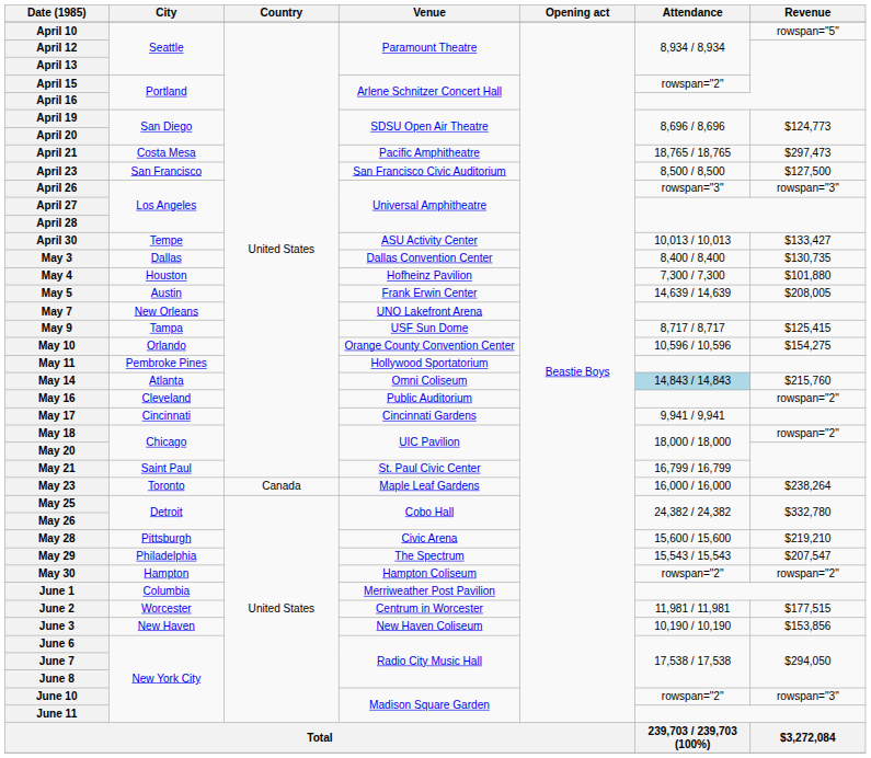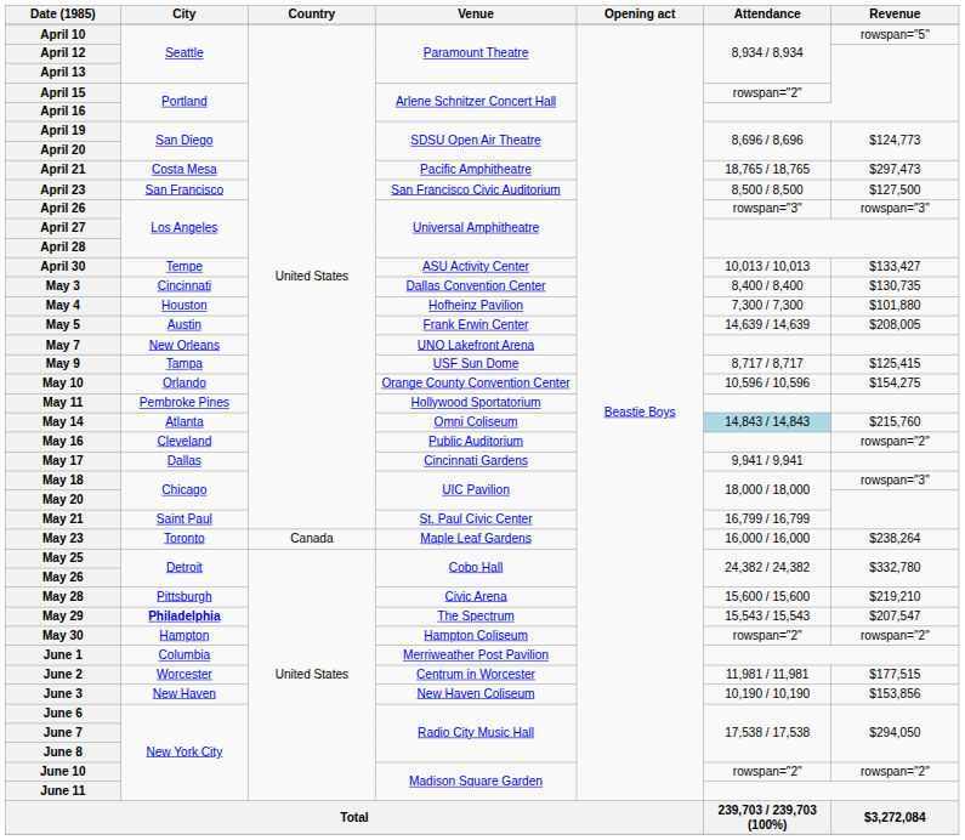 <table class="wikitable plainrowheaders" style="text-align:center;">
 <tr>
 <th scope="col" style="width:9em;">Date (1985)</th>
 <th scope="col" style="width:10em;">City</th>
 <th scope="col" style="width:10em;">Country</th>
 <th scope="col" style="width:16em;">Venue</th>
 <th scope="col" style="width:10em;">Opening act</th>
 <th scope="col" style="width:10em;">Attendance</th>
 <th scope="col" style="width:10em;">Revenue</th>
 </tr>
 <tr>
 </tr>
 <tr>
 <th scope="row" style="text-align:center;">April 10</th>
 <td rowspan="3"><a href='#'>Seattle</a></td>
 <td rowspan="26">United States</td>
 <td rowspan="3"><a href='#'>Paramount Theatre</a></td>
 <td rowspan="40"><a href='#'>Beastie Boys</a></td>
 <td rowspan="3">8,934 / 8,934</td>
 <td>rowspan="5" </td>
 </tr>
 <tr>
 <th scope="row" style="text-align:center;">April 12</th>
 </tr>
 <tr>
 <th scope="row" style="text-align:center;">April 13</th>
 </tr>
 <tr>
 <th scope="row" style="text-align:center;">April 15</th>
 <td rowspan="2"><a href='#'>Portland</a></td>
 <td rowspan="2"><a href='#'>Arlene Schnitzer Concert Hall</a></td>
 <td>rowspan="2" </td>
 </tr>
 <tr>
 <th scope="row" style="text-align:center;">April 16</th>
 </tr>
 <tr>
 <th scope="row" style="text-align:center;">April 19</th>
 <td rowspan="2"><a href='#'>San Diego</a></td>
 <td rowspan="2"><a href='#'>SDSU Open Air Theatre</a></td>
 <td rowspan="2">8,696 / 8,696</td>
 <td rowspan="2">$124,773</td>
 </tr>
 <tr>
 <th scope="row" style="text-align:center;">April 20</th>
 </tr>
 <tr>
 <th scope="row" style="text-align:center;">April 21</th>
 <td><a href='#'>Costa Mesa</a></td>
 <td><a href='#'>Pacific Amphitheatre</a></td>
 <td>18,765 / 18,765</td>
 <td>$297,473</td>
 </tr>
 <tr>
 <th scope="row" style="text-align:center;">April 23</th>
 <td><a href='#'>San Francisco</a></td>
 <td><a href='#'>San Francisco Civic Auditorium</a></td>
 <td>8,500 / 8,500</td>
 <td>$127,500</td>
 </tr>
 <tr>
 <th scope="row" style="text-align:center;">April 26</th>
 <td rowspan="3"><a href='#'>Los Angeles</a></td>
 <td rowspan="3"><a href='#'>Universal Amphitheatre</a></td>
 <td>rowspan="3" </td>
 <td>rowspan="3" </td>
 </tr>
 <tr>
 <th scope="row" style="text-align:center;">April 27</th>
 </tr>
 <tr>
 <th scope="row" style="text-align:center;">April 28</th>
 </tr>
 <tr>
 <th scope="row" style="text-align:center;">April 30</th>
 <td><a href='#'>Tempe</a></td>
 <td><a href='#'>ASU Activity Center</a></td>
 <td>10,013 / 10,013</td>
 <td>$133,427</td>
 </tr>
 <tr>
 <th scope="row" style="text-align:center;">May 3</th>
-<td><a href='#'>Dallas</a></td>
+<td><a href='#'>Cincinnati</a></td>
 <td><a href='#'>Dallas Convention Center</a></td>
 <td>8,400 / 8,400</td>
 <td>$130,735</td>
 </tr>
 <tr>
 <th scope="row" style="text-align:center;">May 4</th>
 <td><a href='#'>Houston</a></td>
 <td><a href='#'>Hofheinz Pavilion</a></td>
 <td>7,300 / 7,300</td>
 <td>$101,880</td>
 </tr>
 <tr>
 <th scope="row" style="text-align:center;">May 5</th>
 <td><a href='#'>Austin</a></td>
 <td><a href='#'>Frank Erwin Center</a></td>
 <td>14,639 / 14,639</td>
 <td>$208,005</td>
 </tr>
 <tr>
 <th scope="row" style="text-align:center;">May 7</th>
 <td><a href='#'>New Orleans</a></td>
 <td><a href='#'>UNO Lakefront Arena</a></td>
 <td></td>
 <td></td>
 </tr>
 <tr>
 <th scope="row" style="text-align:center;">May 9</th>
 <td><a href='#'>Tampa</a></td>
 <td><a href='#'>USF Sun Dome</a></td>
 <td>8,717 / 8,717</td>
 <td>$125,415</td>
 </tr>
 <tr>
 <th scope="row" style="text-align:center;">May 10</th>
 <td><a href='#'>Orlando</a></td>
 <td><a href='#'>Orange County Convention Center</a></td>
 <td>10,596 / 10,596</td>
 <td>$154,275</td>
 </tr>
 <tr>
 <th scope="row" style="text-align:center;">May 11</th>
 <td><a href='#'>Pembroke Pines</a></td>
 <td><a href='#'>Hollywood Sportatorium</a></td>
 <td></td>
 <td></td>
 </tr>
 <tr>
 <th scope="row" style="text-align:center;">May 14</th>
 <td><a href='#'>Atlanta</a></td>
 <td><a href='#'>Omni Coliseum</a></td>
 <td style="background: lightblue;">14,843 / 14,843</td>
 <td>$215,760</td>
 </tr>
 <tr>
 <th scope="row" style="text-align:center;">May 16</th>
 <td><a href='#'>Cleveland</a></td>
 <td><a href='#'>Public Auditorium</a></td>
 <td></td>
 <td>rowspan="2" </td>
 </tr>
 <tr>
 <th scope="row" style="text-align:center;">May 17</th>
-<td><a href='#'>Cincinnati</a></td>
+<td><a href='#'>Dallas</a></td>
 <td><a href='#'>Cincinnati Gardens</a></td>
 <td>9,941 / 9,941</td>
 </tr>
 <tr>
 <th scope="row" style="text-align:center;">May 18</th>
 <td rowspan="2"><a href='#'>Chicago</a></td>
 <td rowspan="2"><a href='#'>UIC Pavilion</a></td>
 <td rowspan="2">18,000 / 18,000</td>
-<td>rowspan="2" </td>
+<td>rowspan="3" </td>
 </tr>
 <tr>
 <th scope="row" style="text-align:center;">May 20</th>
 </tr>
 <tr>
 <th scope="row" style="text-align:center;">May 21</th>
 <td><a href='#'>Saint Paul</a></td>
 <td><a href='#'>St. Paul Civic Center</a></td>
 <td>16,799 / 16,799</td>
 </tr>
 <tr>
 <th scope="row" style="text-align:center;">May 23</th>
 <td><a href='#'>Toronto</a></td>
 <td>Canada</td>
 <td><a href='#'>Maple Leaf Gardens</a></td>
 <td>16,000 / 16,000</td>
 <td>$238,264</td>
 </tr>
 <tr>
 <th scope="row" style="text-align:center;">May 25</th>
 <td rowspan="2"><a href='#'>Detroit</a></td>
 <td rowspan="13">United States</td>
 <td rowspan="2"><a href='#'>Cobo Hall</a></td>
 <td rowspan="2">24,382 / 24,382</td>
 <td rowspan="2">$332,780</td>
 </tr>
 <tr>
 <th scope="row" style="text-align:center;">May 26</th>
 </tr>
 <tr>
 <th scope="row" style="text-align:center;">May 28</th>
 <td><a href='#'>Pittsburgh</a></td>
 <td><a href='#'>Civic Arena</a></td>
 <td>15,600 / 15,600</td>
 <td>$219,210</td>
 </tr>
 <tr>
 <th scope="row" style="text-align:center;">May 29</th>
-<td><a href='#'>Philadelphia</a></td>
+<td><strong><a href='#'>Philadelphia</a></strong></td>
 <td><a href='#'>The Spectrum</a></td>
 <td>15,543 / 15,543</td>
 <td>$207,547</td>
 </tr>
 <tr>
 <th scope="row" style="text-align:center;">May 30</th>
 <td><a href='#'>Hampton</a></td>
 <td><a href='#'>Hampton Coliseum</a></td>
 <td>rowspan="2" </td>
 <td>rowspan="2" </td>
 </tr>
 <tr>
 <th scope="row" style="text-align:center;">June 1</th>
 <td><a href='#'>Columbia</a></td>
 <td><a href='#'>Merriweather Post Pavilion</a></td>
 </tr>
 <tr>
 <th scope="row" style="text-align:center;">June 2</th>
 <td><a href='#'>Worcester</a></td>
 <td><a href='#'>Centrum in Worcester</a></td>
 <td>11,981 / 11,981</td>
 <td>$177,515</td>
 </tr>
 <tr>
 <th scope="row" style="text-align:center;">June 3</th>
 <td><a href='#'>New Haven</a></td>
 <td><a href='#'>New Haven Coliseum</a></td>
 <td>10,190 / 10,190</td>
 <td>$153,856</td>
 </tr>
 <tr>
 <th scope="row" style="text-align:center;">June 6</th>
 <td rowspan="5"><a href='#'>New York City</a></td>
 <td rowspan="3"><a href='#'>Radio City Music Hall</a></td>
 <td rowspan="3">17,538 / 17,538</td>
 <td rowspan="3">$294,050</td>
 </tr>
 <tr>
 <th scope="row" style="text-align:center;">June 7</th>
 </tr>
 <tr>
 <th scope="row" style="text-align:center;">June 8</th>
 </tr>
 <tr>
 <th scope="row" style="text-align:center;">June 10</th>
 <td rowspan="2"><a href='#'>Madison Square Garden</a></td>
 <td>rowspan="2" </td>
-<td>rowspan="3" </td>
+<td>rowspan="2" </td>
 </tr>
 <tr>
 <th scope="row" style="text-align:center;">June 11</th>
 </tr>
 <tr>
 <th colspan="5">Total</th>
 <th>239,703 / 239,703 (100%)</th>
 <th>$3,272,084</th>
 </tr>
 <tr>
 </tr>
 </table>
